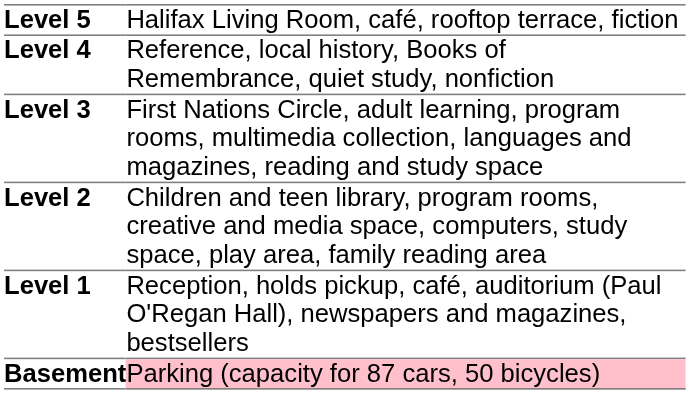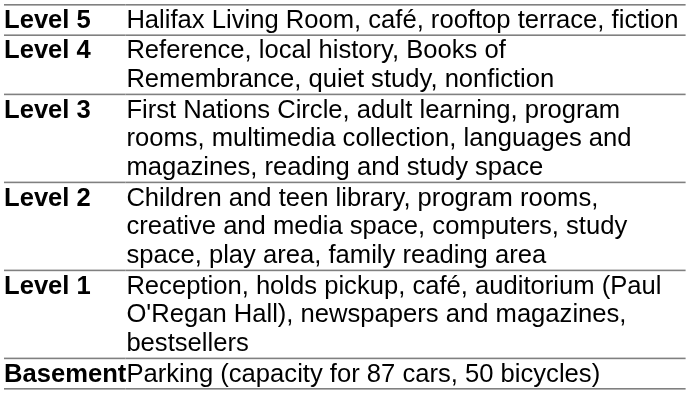 <table border=0 cellspacing=0 cellpadding=0>
 <tr>
 <td style="border-top:solid 1px gray;border-bottom:solid 1px gray;" width=75 valign=top><strong>Level 5</strong></td>
 <td style="border-top:solid 1px gray;border-bottom:solid 1px gray;" width=350 valign=top>Halifax Living Room, café, rooftop terrace, fiction</td>
 </tr>
 <tr>
 <td style="border-bottom:solid 1px gray;" valign=top><strong>Level 4</strong></td>
 <td style="border-bottom:solid 1px gray;" valign=top>Reference, local history, Books of Remembrance, quiet study, nonfiction</td>
 </tr>
 <tr>
 <td style="border-bottom:solid 1px gray;" valign=top><strong>Level 3</strong></td>
 <td style="border-bottom:solid 1px gray;" valign=top>First Nations Circle, adult learning, program rooms, multimedia collection, languages and magazines, reading and study space</td>
 </tr>
 <tr>
 <td style="border-bottom:solid 1px gray;" valign=top><strong>Level 2</strong></td>
 <td style="border-bottom:solid 1px gray;" valign=top>Children and teen library, program rooms, creative and media space, computers, study space, play area, family reading area</td>
 </tr>
 <tr>
 <td style="border-bottom:solid 1px gray;" valign=top><strong>Level 1</strong></td>
 <td style="border-bottom:solid 1px gray;" valign=top>Reception, holds pickup, café, auditorium (Paul O'Regan Hall), newspapers and magazines, bestsellers</td>
 </tr>
 <tr>
 <td style="border-bottom:solid 1px gray;" valign=top><strong>Basement</strong></td>
-<td style="background: pink; border-bottom:solid 1px gray;" valign=top>Parking (capacity for 87 cars, 50 bicycles)</td>
+<td style="border-bottom:solid 1px gray;" valign=top>Parking (capacity for 87 cars, 50 bicycles)</td>
 </tr>
 </table>
